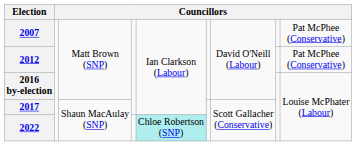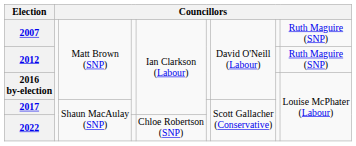 <table class="wikitable" style="text-align:center">
 <tr>
 <th>Election</th>
 <th colspan=8>Councillors</th>
 </tr>
 <tr>
 <th><a href='#'>2007</a></th>
 <td rowspan=5; style="background-color: "></td>
 <td rowspan=3>Matt Brown<br>(<a href='#'>SNP</a>)</td>
 <td rowspan=4; style="background-color: "></td>
 <td rowspan=4>Ian Clarkson<br>(<a href='#'>Labour</a>)</td>
 <td rowspan=3; style="background-color: "></td>
 <td rowspan=3>David O'Neill<br>(<a href='#'>Labour</a>)</td>
 <td rowspan=1; style="background-color: "></td>
-<td rowspan=1>Pat McPhee<br>(<a href='#'>Conservative</a>)</td>
+<td rowspan=1><a href='#'>Ruth Maguire</a><br>(<a href='#'>SNP</a>)</td>
 </tr>
 <tr>
 <th><a href='#'>2012</a></th>
 <td rowspan=1; style="background-color: "></td>
-<td rowspan=1>Pat McPhee<br>(<a href='#'>Conservative</a>)</td>
+<td rowspan=1><a href='#'>Ruth Maguire</a><br>(<a href='#'>SNP</a>)</td>
 </tr>
 <tr>
 <th>2016<br>by-election</th>
 <td rowspan=3; style="background-color: "></td>
 <td rowspan=3>Louise McPhater<br>(<a href='#'>Labour</a>)</td>
 </tr>
 <tr>
 <th><a href='#'>2017</a></th>
 <td rowspan=2>Shaun MacAulay<br>(<a href='#'>SNP</a>)</td>
 <td rowspan=2; style="background-color: "></td>
 <td rowspan=2>Scott Gallacher<br>(<a href='#'>Conservative</a>)</td>
 </tr>
 <tr>
 <th><a href='#'>2022</a></th>
 <td rowspan=1; style="background-color: "></td>
-<td rowspan=1 style="background: paleturquoise;">Chloe Robertson<br>(<a href='#'>SNP</a>)</td>
+<td rowspan=1>Chloe Robertson<br>(<a href='#'>SNP</a>)</td>
 </tr>
 </table>
